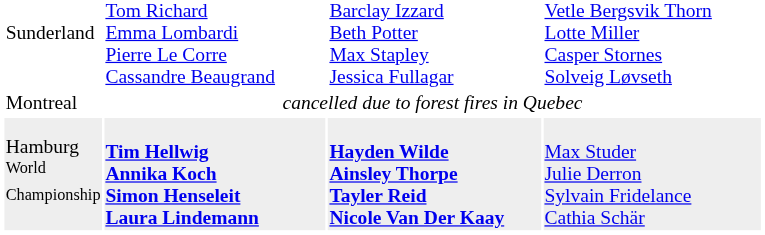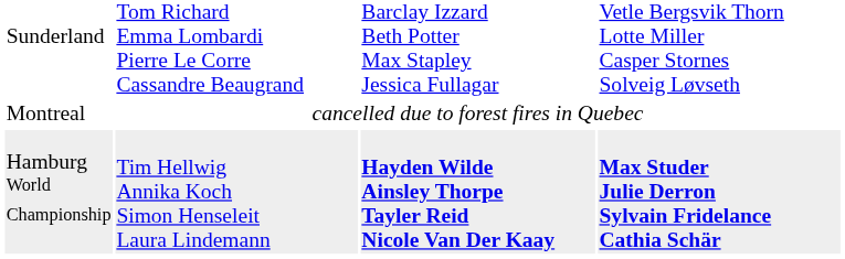 <table>
 <tr>
 <td>Sunderland</td>
 <td width=220><br><a href='#'>Tom Richard</a><br><a href='#'>Emma Lombardi</a><br><a href='#'>Pierre Le Corre</a><br><a href='#'>Cassandre Beaugrand</a></td>
 <td width=220><br><a href='#'>Barclay Izzard</a><br><a href='#'>Beth Potter</a><br><a href='#'>Max Stapley</a><br><a href='#'>Jessica Fullagar</a></td>
 <td width=220><br><a href='#'>Vetle Bergsvik Thorn</a><br><a href='#'>Lotte Miller</a><br><a href='#'>Casper Stornes</a><br><a href='#'>Solveig Løvseth</a></td>
 </tr>
 <tr>
 <td>Montreal</td>
 <td colspan=3 align=center><em>cancelled due to forest fires in Quebec</em></td>
 </tr>
 <tr bgcolor=eeeeee>
 <td>Hamburg<br><sup>World Championship</sup></td>
-<td width=220><strong><br><a href='#'>Tim Hellwig</a><br><a href='#'>Annika Koch</a><br><a href='#'>Simon Henseleit</a><br><a href='#'>Laura Lindemann</a></strong></td>
+<td width=220><br><a href='#'>Tim Hellwig</a><br><a href='#'>Annika Koch</a><br><a href='#'>Simon Henseleit</a><br><a href='#'>Laura Lindemann</a></td>
 <td width=220><strong><br><a href='#'>Hayden Wilde</a><br><a href='#'>Ainsley Thorpe</a><br><a href='#'>Tayler Reid</a><br><a href='#'>Nicole Van Der Kaay</a></strong></td>
-<td width=220><br><a href='#'>Max  Studer</a><br><a href='#'>Julie Derron</a><br><a href='#'>Sylvain Fridelance</a><br><a href='#'>Cathia Schär</a></td>
+<td width=220><strong><br><a href='#'>Max  Studer</a><br><a href='#'>Julie Derron</a><br><a href='#'>Sylvain Fridelance</a><br><a href='#'>Cathia Schär</a></strong></td>
 </tr>
 <tr>
 </tr>
 </table>
